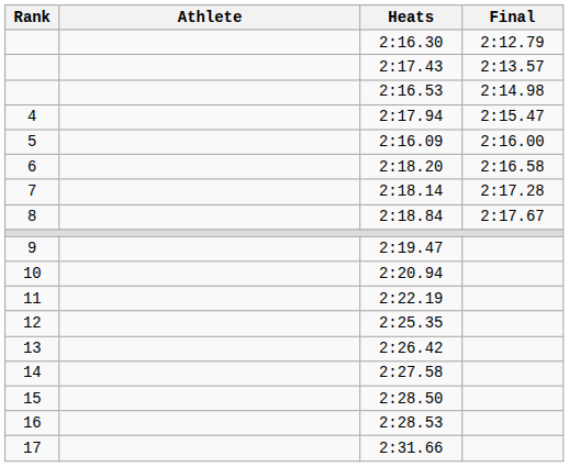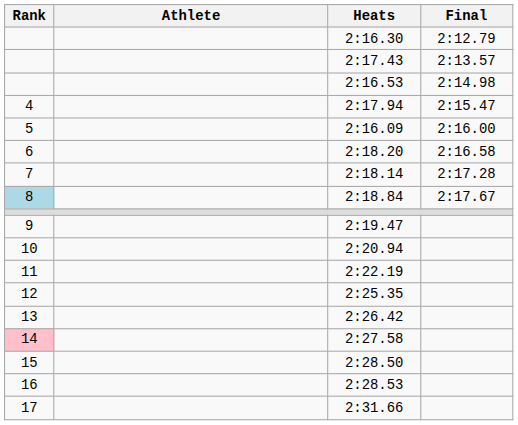 <table class=wikitable style="text-align:center">
 <tr>
 <th width=40>Rank</th>
 <th width=250>Athlete</th>
 <th width=80>Heats</th>
 <th width=80>Final</th>
 </tr>
 <tr>
 <td></td>
 <td align=left></td>
 <td>2:16.30</td>
 <td>2:12.79</td>
 </tr>
 <tr>
 <td></td>
 <td align=left></td>
 <td>2:17.43</td>
 <td>2:13.57</td>
 </tr>
 <tr>
 <td></td>
 <td align=left></td>
 <td>2:16.53</td>
 <td>2:14.98</td>
 </tr>
 <tr>
 <td>4</td>
 <td align=left></td>
 <td>2:17.94</td>
 <td>2:15.47</td>
 </tr>
 <tr>
 <td>5</td>
 <td align=left></td>
 <td>2:16.09</td>
 <td>2:16.00</td>
 </tr>
 <tr>
 <td>6</td>
 <td align=left></td>
 <td>2:18.20</td>
 <td>2:16.58</td>
 </tr>
 <tr>
 <td>7</td>
 <td align=left></td>
 <td>2:18.14</td>
 <td>2:17.28</td>
 </tr>
 <tr>
-<td>8</td>
+<td style="background: lightblue;">8</td>
 <td align=left></td>
 <td>2:18.84</td>
 <td>2:17.67</td>
 </tr>
 <tr bgcolor=#DDDDDD>
 <td colspan=4></td>
 </tr>
 <tr>
 <td>9</td>
 <td align=left></td>
 <td>2:19.47</td>
 <td></td>
 </tr>
 <tr>
 <td>10</td>
 <td align=left></td>
 <td>2:20.94</td>
 <td></td>
 </tr>
 <tr>
 <td>11</td>
 <td align=left></td>
 <td>2:22.19</td>
 <td></td>
 </tr>
 <tr>
 <td>12</td>
 <td align=left></td>
 <td>2:25.35</td>
 <td></td>
 </tr>
 <tr>
 <td>13</td>
 <td align=left></td>
 <td>2:26.42</td>
 <td></td>
 </tr>
 <tr>
-<td>14</td>
+<td style="background: pink;">14</td>
 <td align=left></td>
 <td>2:27.58</td>
 <td></td>
 </tr>
 <tr>
 <td>15</td>
 <td align=left></td>
 <td>2:28.50</td>
 <td></td>
 </tr>
 <tr>
 <td>16</td>
 <td align=left></td>
 <td>2:28.53</td>
 <td></td>
 </tr>
 <tr>
 <td>17</td>
 <td align=left></td>
 <td>2:31.66</td>
 <td></td>
 </tr>
 </table>
